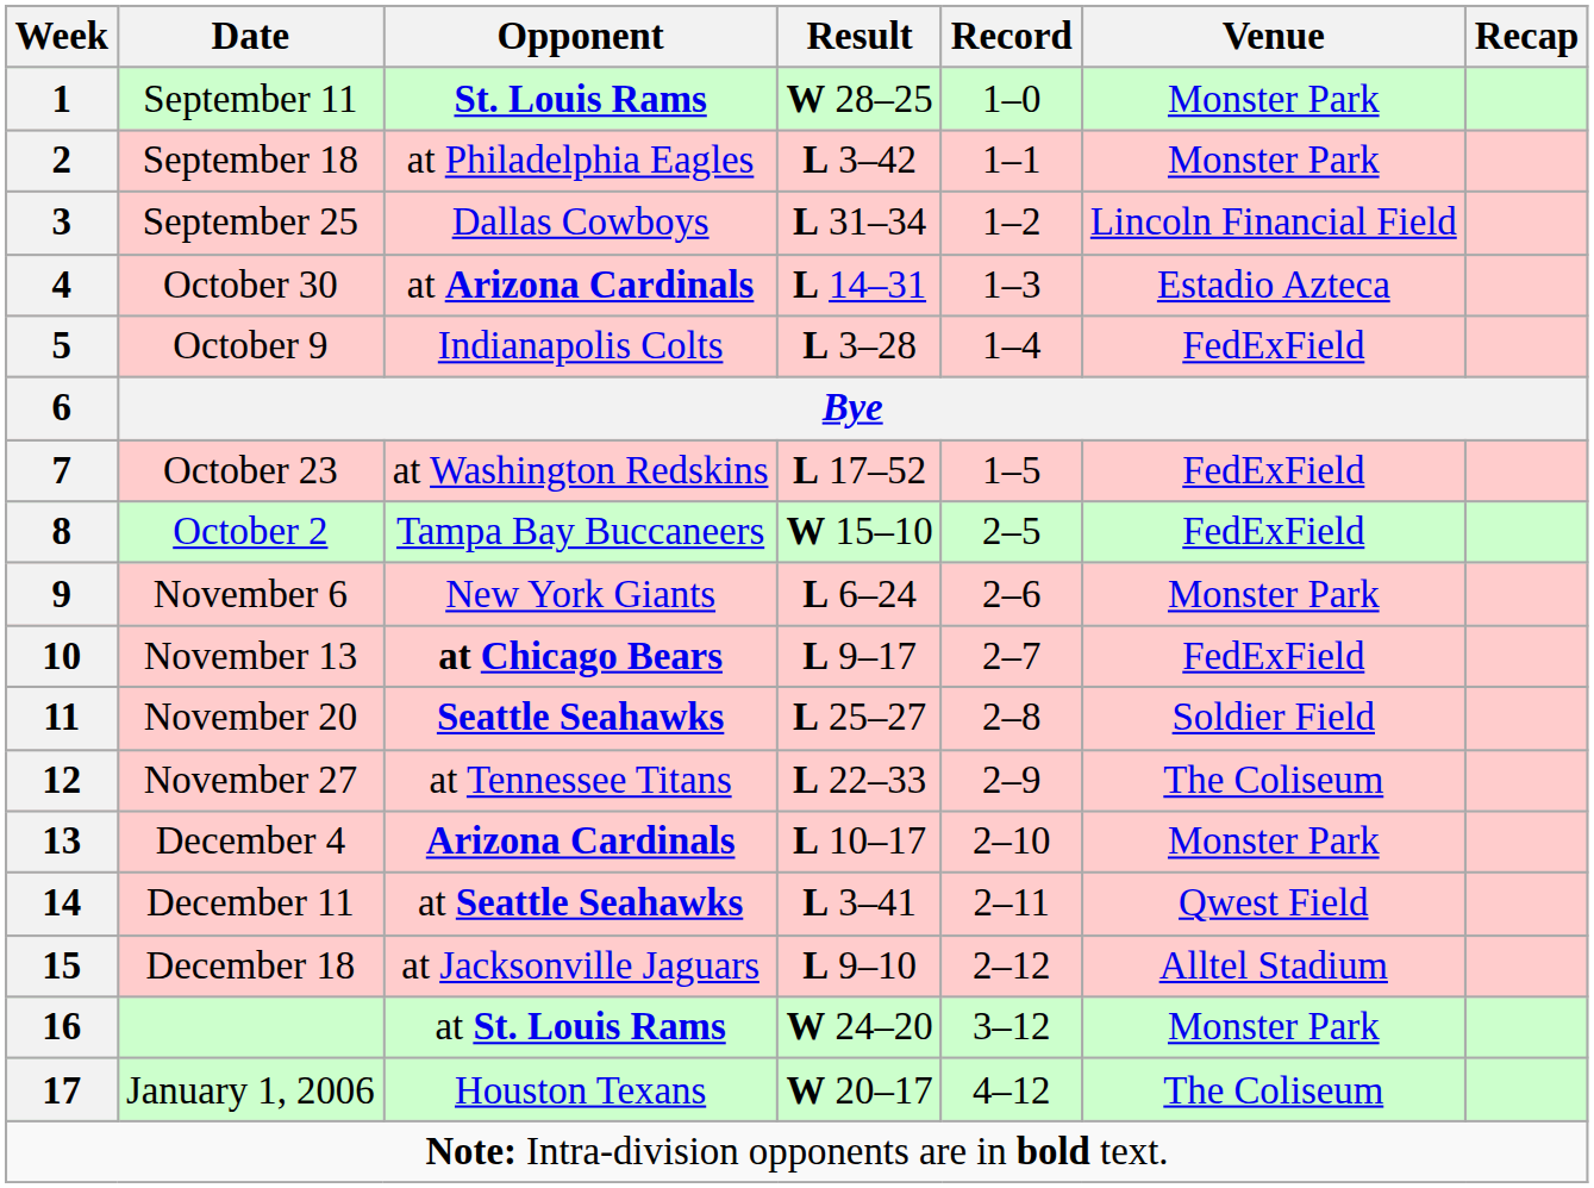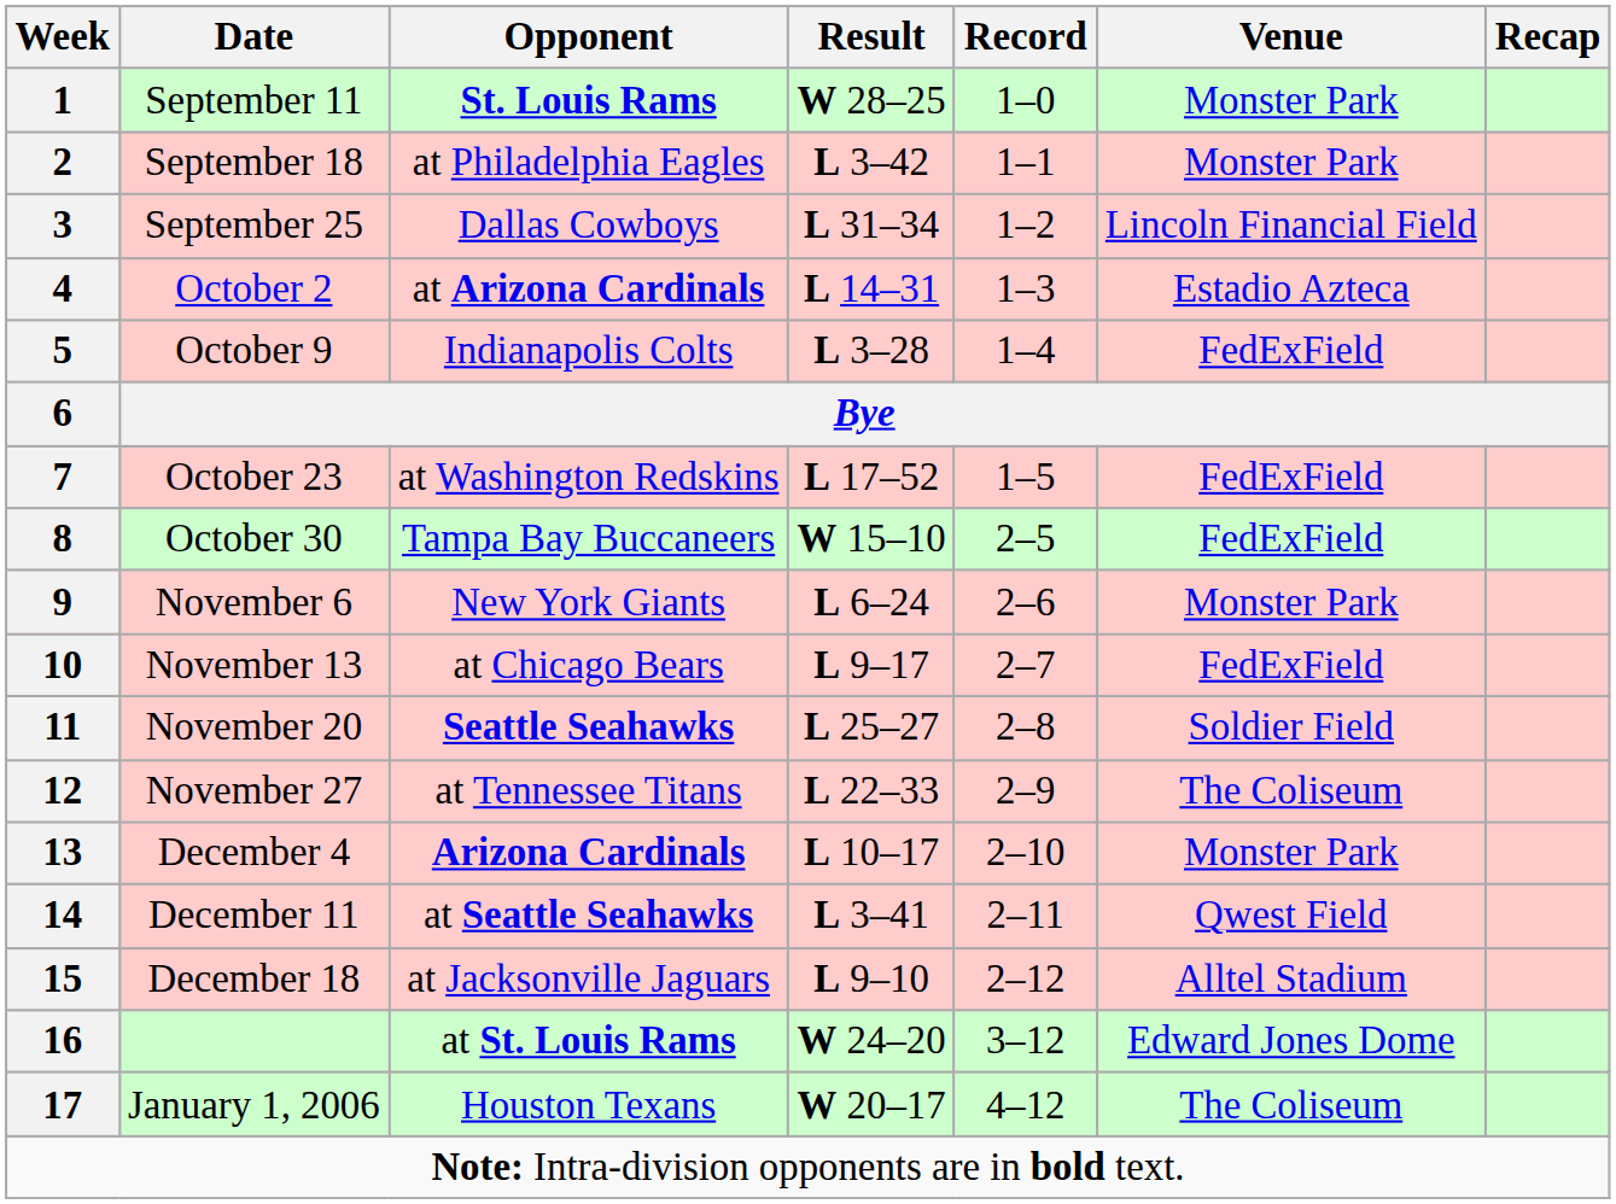 <table class="wikitable" style="text-align:center">
 <tr>
 <th>Week</th>
 <th>Date</th>
 <th>Opponent</th>
 <th>Result</th>
 <th>Record</th>
 <th>Venue</th>
 <th>Recap</th>
 </tr>
 <tr style="background:#cfc">
 <th>1</th>
 <td>September 11</td>
 <td><strong><a href='#'>St. Louis Rams</a></strong></td>
 <td><strong>W</strong> 28–25</td>
 <td>1–0</td>
 <td><a href='#'>Monster Park</a></td>
 <td></td>
 </tr>
 <tr style="background:#fcc">
 <th>2</th>
 <td>September 18</td>
 <td>at <a href='#'>Philadelphia Eagles</a></td>
 <td><strong>L</strong> 3–42</td>
 <td>1–1</td>
 <td><a href='#'>Monster Park</a></td>
 <td></td>
 </tr>
 <tr style="background:#fcc">
 <th>3</th>
 <td>September 25</td>
 <td><a href='#'>Dallas Cowboys</a></td>
 <td><strong>L</strong> 31–34</td>
 <td>1–2</td>
 <td><a href='#'>Lincoln Financial Field</a></td>
 <td></td>
 </tr>
 <tr style="background:#fcc">
 <th>4</th>
-<td>October 30</td>
+<td><a href='#'>October 2</a></td>
 <td>at <strong><a href='#'>Arizona Cardinals</a></strong></td>
 <td><strong>L</strong> <a href='#'>14–31</a></td>
 <td>1–3</td>
 <td>  <a href='#'>Estadio Azteca</a> </td>
 <td></td>
 </tr>
 <tr style="background:#fcc">
 <th>5</th>
 <td>October 9</td>
 <td><a href='#'>Indianapolis Colts</a></td>
 <td><strong>L</strong> 3–28</td>
 <td>1–4</td>
 <td><a href='#'>FedExField</a></td>
 <td></td>
 </tr>
 <tr>
 <th>6</th>
 <th colspan="7"><em><a href='#'>Bye</a></em></th>
 </tr>
 <tr style="background:#fcc">
 <th>7</th>
 <td>October 23</td>
 <td>at <a href='#'>Washington Redskins</a></td>
 <td><strong>L</strong> 17–52</td>
 <td>1–5</td>
 <td><a href='#'>FedExField</a></td>
 <td></td>
 </tr>
 <tr style="background:#cfc">
 <th>8</th>
-<td><a href='#'>October 2</a></td>
+<td>October 30</td>
 <td><a href='#'>Tampa Bay Buccaneers</a></td>
 <td><strong>W</strong> 15–10</td>
 <td>2–5</td>
 <td><a href='#'>FedExField</a></td>
 <td></td>
 </tr>
 <tr style="background:#fcc">
 <th>9</th>
 <td>November 6</td>
 <td><a href='#'>New York Giants</a></td>
 <td><strong>L</strong> 6–24</td>
 <td>2–6</td>
 <td><a href='#'>Monster Park</a></td>
 <td></td>
 </tr>
 <tr style="background:#fcc">
 <th>10</th>
 <td>November 13</td>
-<td><strong>at <a href='#'>Chicago Bears</a></strong></td>
+<td>at <a href='#'>Chicago Bears</a></td>
 <td><strong>L</strong> 9–17</td>
 <td>2–7</td>
 <td><a href='#'>FedExField</a></td>
 <td></td>
 </tr>
 <tr style="background:#fcc">
 <th>11</th>
 <td>November 20</td>
 <td><strong><a href='#'>Seattle Seahawks</a></strong></td>
 <td><strong>L</strong> 25–27</td>
 <td>2–8</td>
 <td><a href='#'>Soldier Field</a></td>
 <td></td>
 </tr>
 <tr style="background:#fcc">
 <th>12</th>
 <td>November 27</td>
 <td>at <a href='#'>Tennessee Titans</a></td>
 <td><strong>L</strong> 22–33</td>
 <td>2–9</td>
 <td><a href='#'>The Coliseum</a></td>
 <td></td>
 </tr>
 <tr style="background:#fcc">
 <th>13</th>
 <td>December 4</td>
 <td><strong><a href='#'>Arizona Cardinals</a></strong></td>
 <td><strong>L</strong> 10–17</td>
 <td>2–10</td>
 <td><a href='#'>Monster Park</a></td>
 <td></td>
 </tr>
 <tr style="background:#fcc">
 <th>14</th>
 <td>December 11</td>
 <td>at <strong><a href='#'>Seattle Seahawks</a></strong></td>
 <td><strong>L</strong> 3–41</td>
 <td>2–11</td>
 <td><a href='#'>Qwest Field</a></td>
 <td></td>
 </tr>
 <tr style="background:#fcc">
 <th>15</th>
 <td>December 18</td>
 <td>at <a href='#'>Jacksonville Jaguars</a></td>
 <td><strong>L</strong> 9–10</td>
 <td>2–12</td>
 <td><a href='#'>Alltel Stadium</a></td>
 <td></td>
 </tr>
 <tr style="background: #cfc;">
 <th>16</th>
 <td></td>
 <td>at <strong><a href='#'>St. Louis Rams</a></strong></td>
 <td><strong>W</strong> 24–20</td>
 <td>3–12</td>
-<td><a href='#'>Monster Park</a></td>
+<td><a href='#'>Edward Jones Dome</a></td>
 <td></td>
 </tr>
 <tr style="background:#cfc">
 <th>17</th>
 <td>January 1, 2006</td>
 <td><a href='#'>Houston Texans</a></td>
 <td><strong>W</strong> 20–17 </td>
 <td>4–12</td>
 <td><a href='#'>The Coliseum</a></td>
 <td></td>
 </tr>
 <tr>
 <td colspan="8"><strong>Note:</strong> Intra-division opponents are in <strong>bold</strong> text.</td>
 </tr>
 </table>
